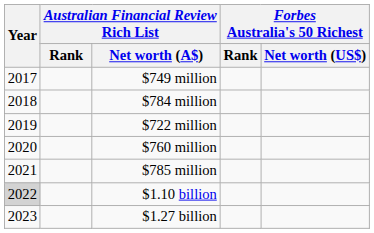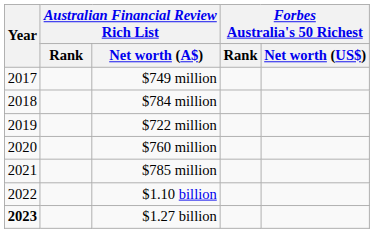 <table class="wikitable">
 <tr>
 <th rowspan=2>Year</th>
 <th colspan=2><em><a href='#'>Australian Financial Review</a></em><br><a href='#'>Rich List</a></th>
 <th colspan=2><em><a href='#'>Forbes</a></em><br><a href='#'>Australia's 50 Richest</a></th>
 </tr>
 <tr>
 <th>Rank</th>
 <th><a href='#'>Net worth</a> (<a href='#'>A$</a>)</th>
 <th>Rank</th>
 <th><a href='#'>Net worth</a> (<a href='#'>US$</a>)</th>
 </tr>
 <tr>
 <td>2017</td>
 <td align="center"></td>
 <td align="right">$749 million </td>
 <td align="center"></td>
 <td align="right"></td>
 </tr>
 <tr>
 <td>2018</td>
 <td align="center"></td>
 <td align="right">$784 million </td>
 <td align="center"></td>
 <td align="right"></td>
 </tr>
 <tr>
 <td>2019</td>
 <td align="center"></td>
 <td align="right">$722 million </td>
 <td align="center"></td>
 <td align="right"></td>
 </tr>
 <tr>
 <td>2020</td>
 <td align="center"></td>
 <td align="right">$760 million </td>
 <td align="center"></td>
 <td align="right"></td>
 </tr>
 <tr>
 <td>2021</td>
 <td align="center"></td>
 <td align="right">$785 million </td>
 <td align="center"></td>
 <td align="right"></td>
 </tr>
 <tr>
-<td style="background: lightgrey;">2022</td>
+<td>2022</td>
 <td align="center"></td>
 <td align="right">$1.10 <a href='#'>billion</a> </td>
 <td align="center"></td>
 <td align="right"></td>
 </tr>
 <tr>
-<td>2023</td>
+<td><strong>2023</strong></td>
 <td align="center"></td>
 <td align="right">$1.27 billion </td>
 <td align="center"></td>
 <td align="right"></td>
 </tr>
 </table>
